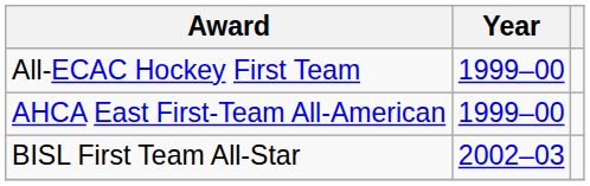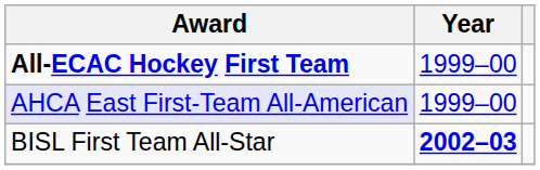 <table class="wikitable">
 <tr>
 <th>Award</th>
 <th>Year</th>
 <th></th>
 </tr>
 <tr>
-<td>All-<a href='#'>ECAC Hockey</a> <a href='#'>First Team</a></td>
+<td><strong>All-<a href='#'>ECAC Hockey</a> <a href='#'>First Team</a></strong></td>
 <td><a href='#'>1999–00</a></td>
 <td></td>
 </tr>
 <tr>
-<td><a href='#'>AHCA</a> <a href='#'>East First-Team All-American</a></td>
+<td style="background: lavender;"><a href='#'>AHCA</a> <a href='#'>East First-Team All-American</a></td>
 <td><a href='#'>1999–00</a></td>
 <td></td>
 </tr>
 <tr>
 <td>BISL First Team All-Star</td>
-<td><a href='#'>2002–03</a></td>
+<td><strong><a href='#'>2002–03</a></strong></td>
 <td></td>
 </tr>
 <tr>
 </tr>
 </table>
